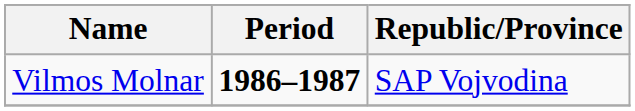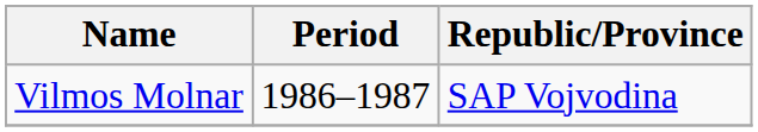 <table class="wikitable">
 <tr>
 <th>Name</th>
 <th>Period</th>
 <th>Republic/Province</th>
 </tr>
 <tr>
 <td><a href='#'>Vilmos Molnar</a></td>
-<td><strong>1986–1987</strong></td>
+<td>1986–1987</td>
 <td><a href='#'>SAP Vojvodina</a></td>
 </tr>
 <tr>
 </tr>
 </table>
